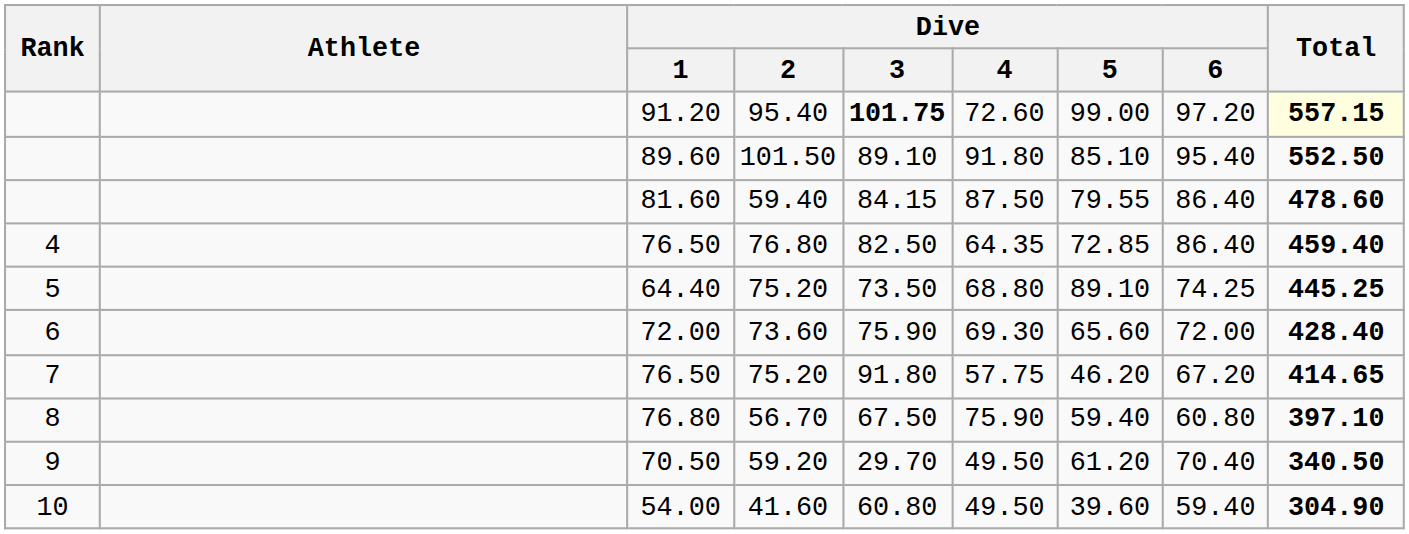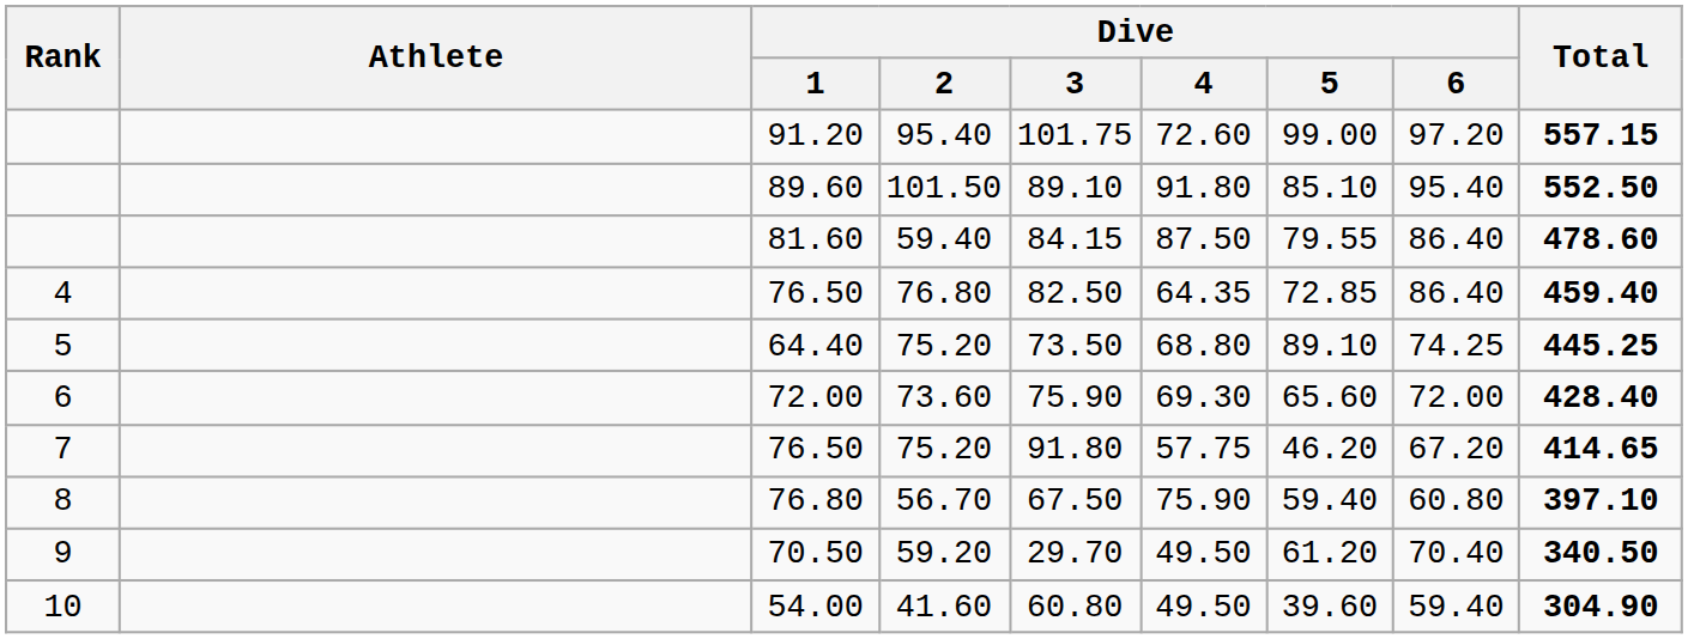 <table class=wikitable style="text-align:center">
 <tr>
 <th rowspan="2" width=40>Rank</th>
 <th rowspan="2" width=250>Athlete</th>
 <th colspan="6">Dive</th>
 <th rowspan="2" width=60>Total</th>
 </tr>
 <tr>
 <th width=45>1</th>
 <th width=45>2</th>
 <th width=45>3</th>
 <th width=45>4</th>
 <th width=45>5</th>
 <th width=45>6</th>
 </tr>
 <tr>
 <td></td>
 <td align=left></td>
 <td>91.20</td>
 <td>95.40</td>
-<td><strong>101.75</strong></td>
+<td>101.75</td>
 <td>72.60</td>
 <td>99.00</td>
 <td>97.20</td>
-<td style="background: lightyellow;"><strong>557.15</strong></td>
+<td><strong>557.15</strong></td>
 </tr>
 <tr>
 <td></td>
 <td align=left></td>
 <td>89.60</td>
 <td>101.50</td>
 <td>89.10</td>
 <td>91.80</td>
 <td>85.10</td>
 <td>95.40</td>
 <td><strong>552.50</strong></td>
 </tr>
 <tr>
 <td></td>
 <td align=left></td>
 <td>81.60</td>
 <td>59.40</td>
 <td>84.15</td>
 <td>87.50</td>
 <td>79.55</td>
 <td>86.40</td>
 <td><strong>478.60</strong></td>
 </tr>
 <tr>
 <td>4</td>
 <td align=left></td>
 <td>76.50</td>
 <td>76.80</td>
 <td>82.50</td>
 <td>64.35</td>
 <td>72.85</td>
 <td>86.40</td>
 <td><strong>459.40</strong></td>
 </tr>
 <tr>
 <td>5</td>
 <td align=left></td>
 <td>64.40</td>
 <td>75.20</td>
 <td>73.50</td>
 <td>68.80</td>
 <td>89.10</td>
 <td>74.25</td>
 <td><strong>445.25</strong></td>
 </tr>
 <tr>
 <td>6</td>
 <td align=left></td>
 <td>72.00</td>
 <td>73.60</td>
 <td>75.90</td>
 <td>69.30</td>
 <td>65.60</td>
 <td>72.00</td>
 <td><strong>428.40</strong></td>
 </tr>
 <tr>
 <td>7</td>
 <td align=left></td>
 <td>76.50</td>
 <td>75.20</td>
 <td>91.80</td>
 <td>57.75</td>
 <td>46.20</td>
 <td>67.20</td>
 <td><strong>414.65</strong></td>
 </tr>
 <tr>
 <td>8</td>
 <td align=left></td>
 <td>76.80</td>
 <td>56.70</td>
 <td>67.50</td>
 <td>75.90</td>
 <td>59.40</td>
 <td>60.80</td>
 <td><strong>397.10</strong></td>
 </tr>
 <tr>
 <td>9</td>
 <td align=left></td>
 <td>70.50</td>
 <td>59.20</td>
 <td>29.70</td>
 <td>49.50</td>
 <td>61.20</td>
 <td>70.40</td>
 <td><strong>340.50</strong></td>
 </tr>
 <tr>
 <td>10</td>
 <td align=left></td>
 <td>54.00</td>
 <td>41.60</td>
 <td>60.80</td>
 <td>49.50</td>
 <td>39.60</td>
 <td>59.40</td>
 <td><strong>304.90</strong></td>
 </tr>
 </table>
